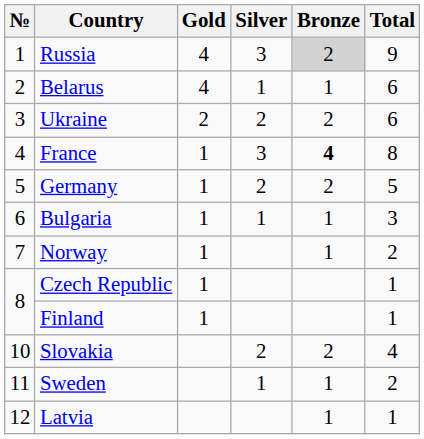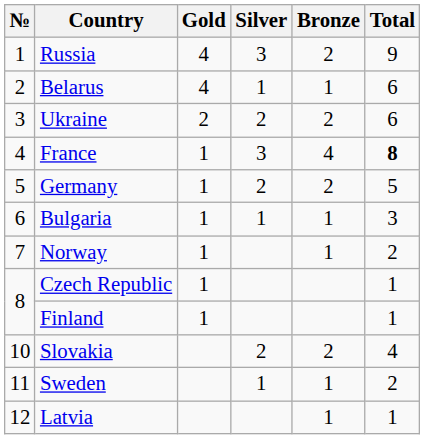 <table class="wikitable sortable" style="text-align: center;">
 <tr>
 <th>№</th>
 <th>Country</th>
 <th>Gold</th>
 <th>Silver</th>
 <th>Bronze</th>
 <th>Total</th>
 </tr>
 <tr>
 <td>1</td>
 <td align="left"> <a href='#'>Russia</a></td>
 <td>4</td>
 <td>3</td>
-<td style="background: lightgrey;">2</td>
+<td>2</td>
 <td>9</td>
 </tr>
 <tr>
 <td>2</td>
 <td align="left"> <a href='#'>Belarus</a></td>
 <td>4</td>
 <td>1</td>
 <td>1</td>
 <td>6</td>
 </tr>
 <tr>
 <td>3</td>
 <td align="left"> <a href='#'>Ukraine</a></td>
 <td>2</td>
 <td>2</td>
 <td>2</td>
 <td>6</td>
 </tr>
 <tr>
 <td>4</td>
 <td align="left"> <a href='#'>France</a></td>
 <td>1</td>
 <td>3</td>
-<td><strong>4</strong></td>
-<td>8</td>
+<td>4</td>
+<td><strong>8</strong></td>
 </tr>
 <tr>
 <td>5</td>
 <td align="left"> <a href='#'>Germany</a></td>
 <td>1</td>
 <td>2</td>
 <td>2</td>
 <td>5</td>
 </tr>
 <tr>
 <td>6</td>
 <td align="left"> <a href='#'>Bulgaria</a></td>
 <td>1</td>
 <td>1</td>
 <td>1</td>
 <td>3</td>
 </tr>
 <tr>
 <td>7</td>
 <td align="left"> <a href='#'>Norway</a></td>
 <td>1</td>
 <td></td>
 <td>1</td>
 <td>2</td>
 </tr>
 <tr>
 <td rowspan="2">8</td>
 <td align="left"> <a href='#'>Czech Republic</a></td>
 <td>1</td>
 <td></td>
 <td></td>
 <td>1</td>
 </tr>
 <tr>
 <td align="left"> <a href='#'>Finland</a></td>
 <td>1</td>
 <td></td>
 <td></td>
 <td>1</td>
 </tr>
 <tr>
 <td>10</td>
 <td align="left"> <a href='#'>Slovakia</a></td>
 <td></td>
 <td>2</td>
 <td>2</td>
 <td>4</td>
 </tr>
 <tr>
 <td>11</td>
 <td align="left"> <a href='#'>Sweden</a></td>
 <td></td>
 <td>1</td>
 <td>1</td>
 <td>2</td>
 </tr>
 <tr>
 <td>12</td>
 <td align="left"> <a href='#'>Latvia</a></td>
 <td></td>
 <td></td>
 <td>1</td>
 <td>1</td>
 </tr>
 </table>
